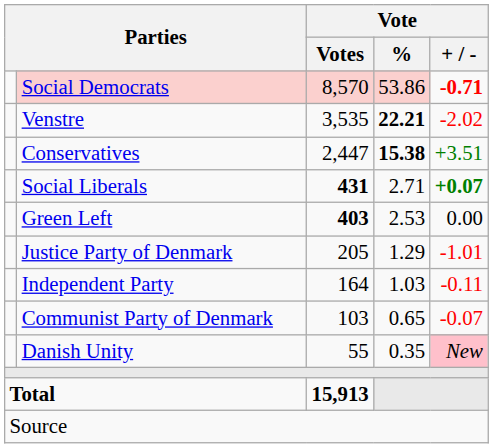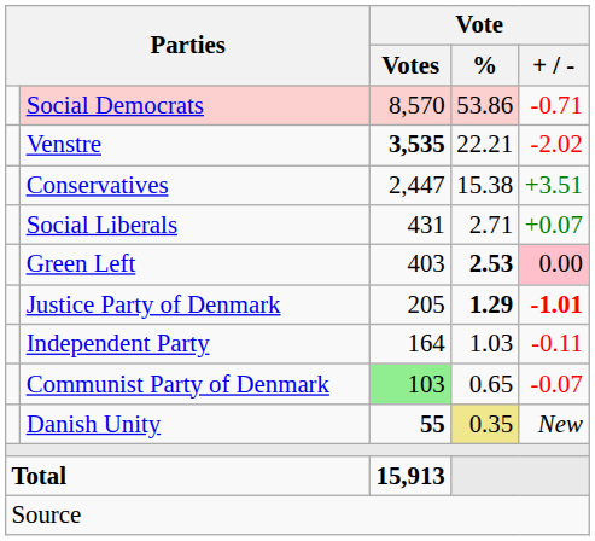 <table class="wikitable" style="text-align:right;">
 <tr>
 <th style="text-align:centre;" rowspan="2" colspan="2" width="225">Parties</th>
 <th colspan="3">Vote</th>
 </tr>
 <tr>
 <th width="15">Votes</th>
 <th width="15">%</th>
 <th width="15">+ / -</th>
 </tr>
 <tr>
 <td width="2" style="color:inherit;background:"></td>
 <td bgcolor=#fbd0ce  align="left"><a href='#'>Social Democrats</a></td>
 <td bgcolor=#fbd0ce>8,570</td>
 <td bgcolor=#fbd0ce>53.86</td>
-<td style=color:red;><strong>-0.71</strong></td>
+<td style=color:red;>-0.71</td>
 </tr>
 <tr>
 <td width="2" style="color:inherit;background:"></td>
 <td align="left"><a href='#'>Venstre</a></td>
-<td>3,535</td>
-<td><strong>22.21</strong></td>
+<td><strong>3,535</strong></td>
+<td>22.21</td>
 <td style=color:red;>-2.02</td>
 </tr>
 <tr>
 <td width="2" style="color:inherit;background:"></td>
 <td align="left"><a href='#'>Conservatives</a></td>
 <td>2,447</td>
-<td><strong>15.38</strong></td>
+<td>15.38</td>
 <td style=color:green;>+3.51</td>
 </tr>
 <tr>
 <td width="2" style="color:inherit;background:"></td>
 <td align="left"><a href='#'>Social Liberals</a></td>
-<td><strong>431</strong></td>
+<td>431</td>
 <td>2.71</td>
-<td style=color:green;><strong>+0.07</strong></td>
+<td style=color:green;>+0.07</td>
 </tr>
 <tr>
 <td width="2" style="color:inherit;background:"></td>
 <td align="left"><a href='#'>Green Left</a></td>
-<td><strong>403</strong></td>
-<td>2.53</td>
-<td>0.00</td>
+<td>403</td>
+<td><strong>2.53</strong></td>
+<td style="background: pink;">0.00</td>
 </tr>
 <tr>
 <td width="2" style="color:inherit;background:"></td>
 <td align="left"><a href='#'>Justice Party of Denmark</a></td>
 <td>205</td>
-<td>1.29</td>
-<td style=color:red;>-1.01</td>
+<td><strong>1.29</strong></td>
+<td style=color:red;><strong>-1.01</strong></td>
 </tr>
 <tr>
 <td width="2" style="color:inherit;background:"></td>
 <td align="left"><a href='#'>Independent Party</a></td>
 <td>164</td>
 <td>1.03</td>
 <td style=color:red;>-0.11</td>
 </tr>
 <tr>
 <td width="2" style="color:inherit;background:"></td>
 <td align="left"><a href='#'>Communist Party of Denmark</a></td>
-<td>103</td>
+<td style="background: lightgreen;">103</td>
 <td>0.65</td>
 <td style=color:red;>-0.07</td>
 </tr>
 <tr>
 <td width="2" style="color:inherit;background:"></td>
 <td align="left"><a href='#'>Danish Unity</a></td>
-<td>55</td>
-<td>0.35</td>
-<td style="background: pink;"><em>New</em></td>
+<td><strong>55</strong></td>
+<td style="background: khaki;">0.35</td>
+<td><em>New</em></td>
 </tr>
 <tr>
 <td colspan="7" bgcolor="#E9E9E9"></td>
 </tr>
 <tr>
 <td align="left" colspan="2"><strong>Total</strong></td>
 <td><strong>15,913</strong></td>
 <td bgcolor="#E9E9E9" colspan="2"></td>
 </tr>
 <tr>
 <td align="left" colspan="6">Source</td>
 </tr>
 </table>
